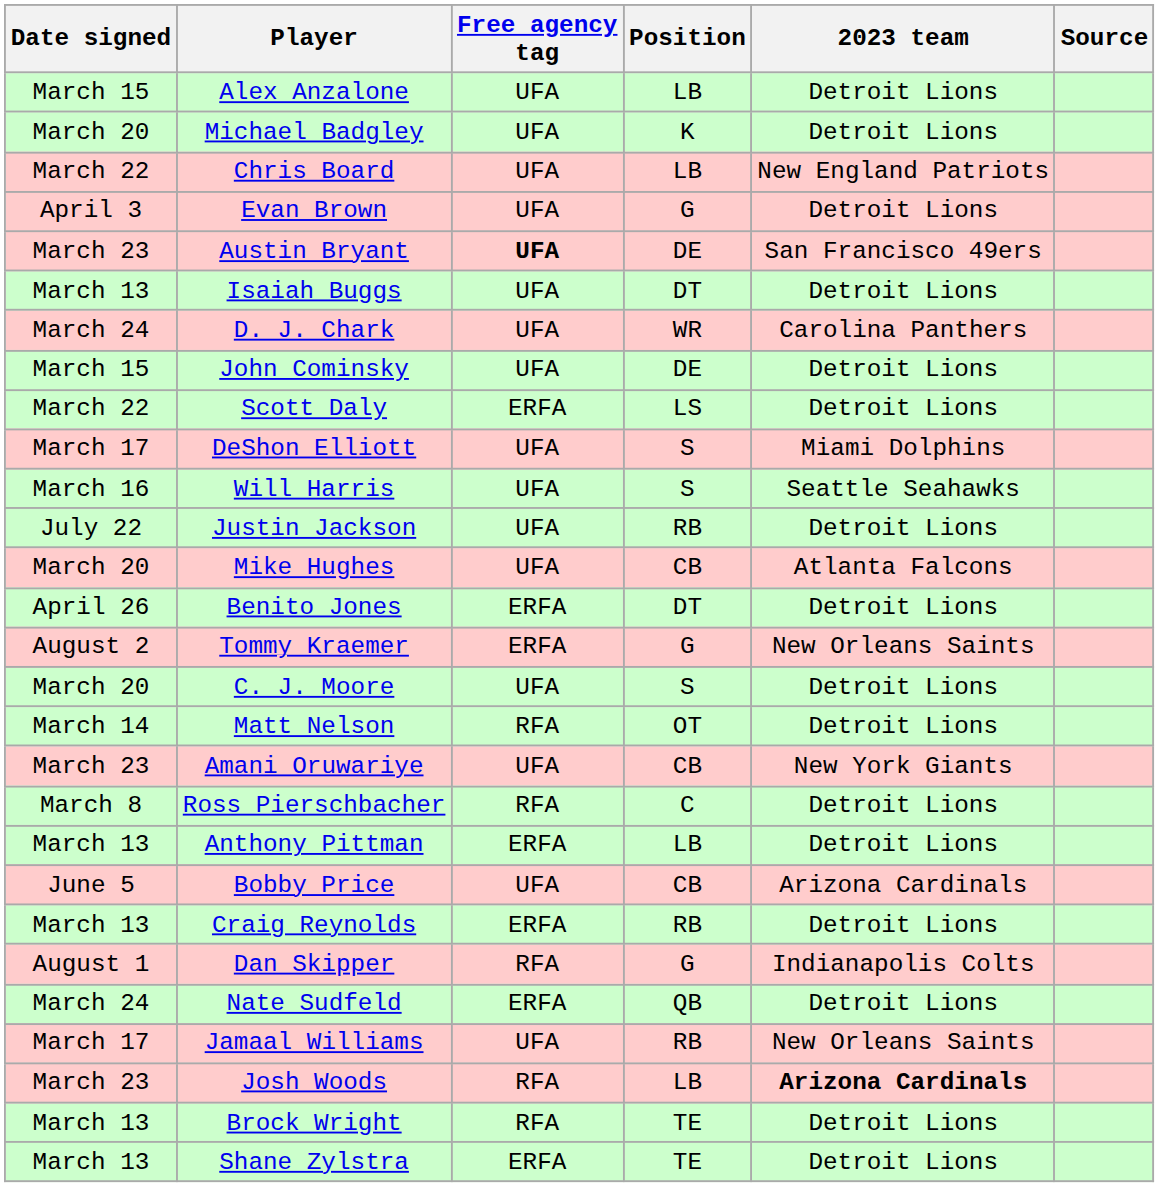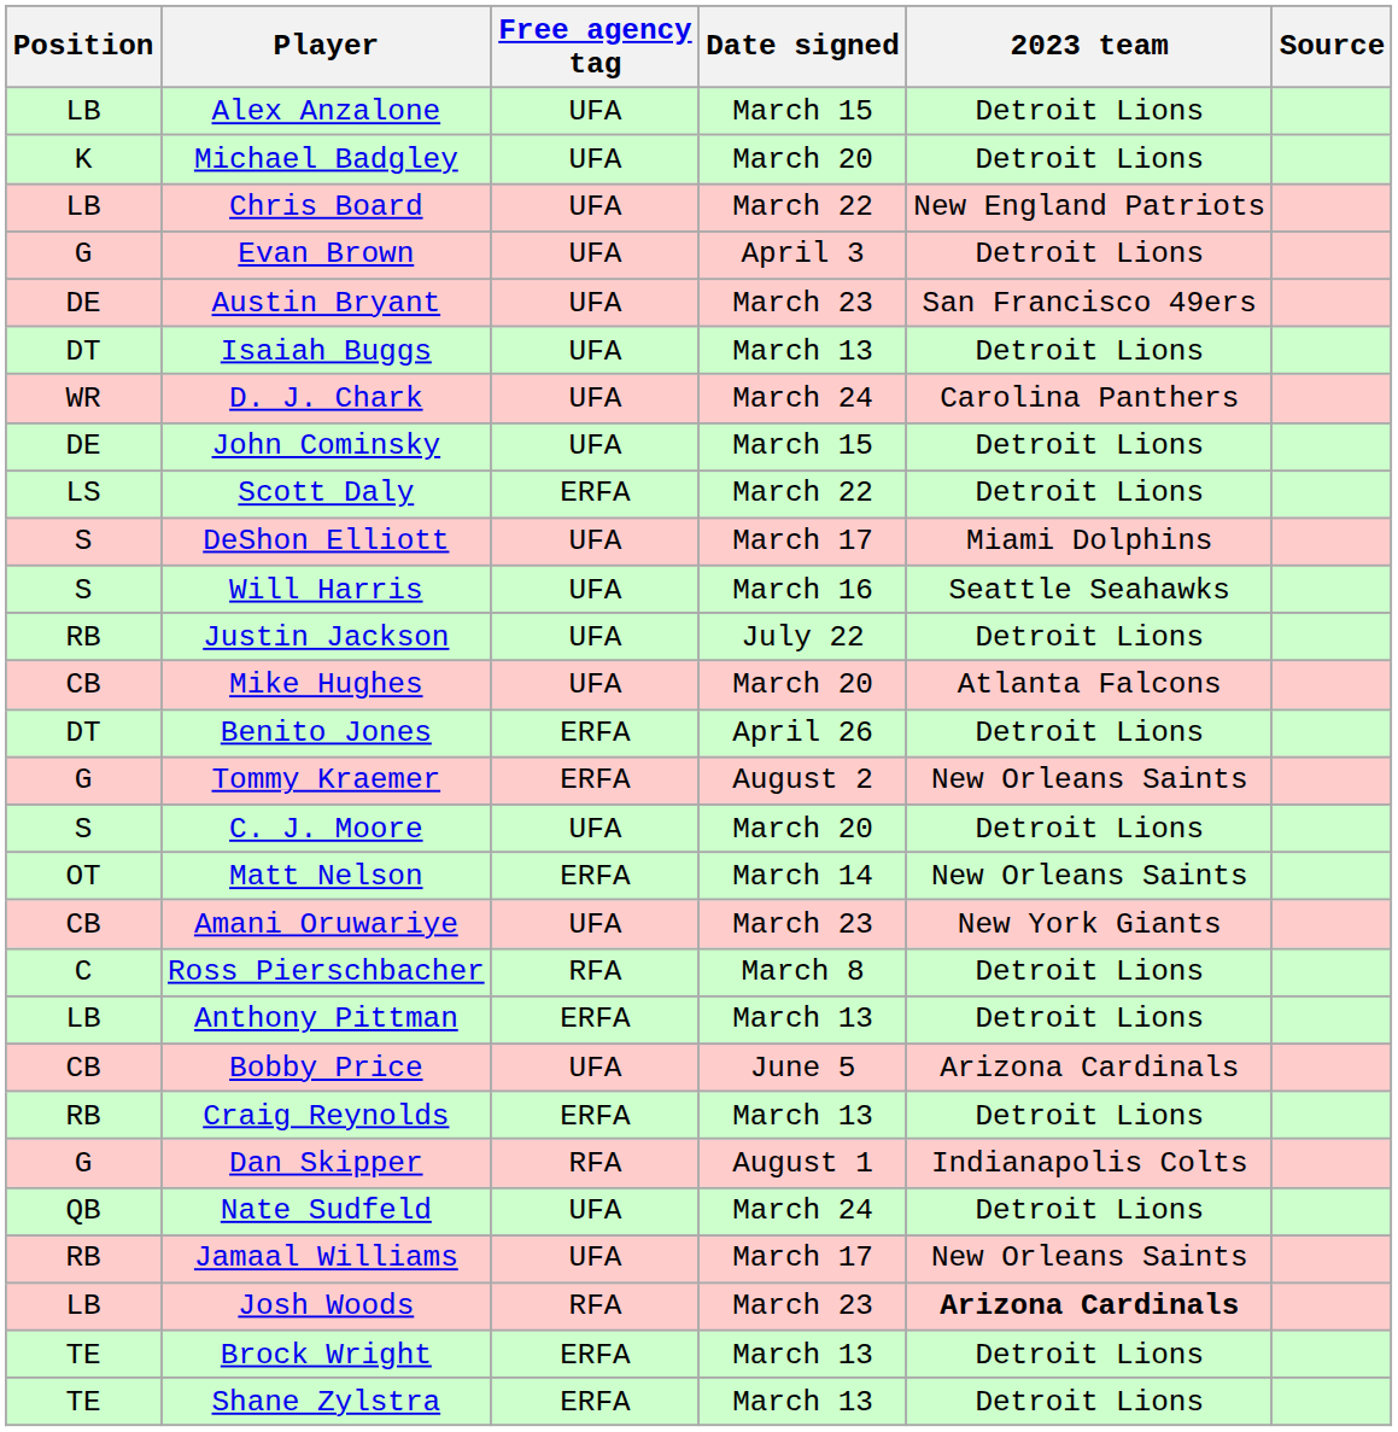 <table class="wikitable" style="text-align:center">
 <tr>
-<th>Date signed</th>
+<th>Position</th>
 <th>Player</th>
 <th><a href='#'><span>Free agency</span></a><br>tag</th>
-<th>Position</th>
+<th>Date signed</th>
 <th>2023 team</th>
 <th>Source</th>
 </tr>
 <tr bgcolor=ccffcc>
-<td>March 15</td>
+<td>LB</td>
 <td><a href='#'>Alex Anzalone</a></td>
 <td>UFA</td>
-<td>LB</td>
+<td>March 15</td>
 <td>Detroit Lions</td>
 <td></td>
 </tr>
 <tr bgcolor=ccffcc>
-<td>March 20</td>
+<td>K</td>
 <td><a href='#'>Michael Badgley</a></td>
 <td>UFA</td>
-<td>K</td>
+<td>March 20</td>
 <td>Detroit Lions</td>
 <td></td>
 </tr>
 <tr bgcolor=ffcccc>
-<td>March 22</td>
+<td>LB</td>
 <td><a href='#'>Chris Board</a></td>
 <td>UFA</td>
-<td>LB</td>
+<td>March 22</td>
 <td>New England Patriots</td>
 <td></td>
 </tr>
 <tr bgcolor=ffcccc>
-<td>April 3</td>
+<td>G</td>
 <td><a href='#'>Evan Brown</a></td>
 <td>UFA</td>
-<td>G</td>
+<td>April 3</td>
 <td>Detroit Lions</td>
 <td></td>
 </tr>
 <tr bgcolor=ffcccc>
+<td>DE</td>
+<td><a href='#'>Austin Bryant</a></td>
+<td>UFA</td>
 <td>March 23</td>
-<td><a href='#'>Austin Bryant</a></td>
-<td><strong>UFA</strong></td>
-<td>DE</td>
 <td>San Francisco 49ers</td>
 <td></td>
 </tr>
 <tr bgcolor=ccffcc>
-<td>March 13</td>
+<td>DT</td>
 <td><a href='#'>Isaiah Buggs</a></td>
 <td>UFA</td>
-<td>DT</td>
+<td>March 13</td>
 <td>Detroit Lions</td>
 <td></td>
 </tr>
 <tr bgcolor=ffcccc>
-<td>March 24</td>
+<td>WR</td>
 <td><a href='#'>D. J. Chark</a></td>
 <td>UFA</td>
-<td>WR</td>
+<td>March 24</td>
 <td>Carolina Panthers</td>
 <td></td>
 </tr>
 <tr bgcolor=ccffcc>
-<td>March 15</td>
+<td>DE</td>
 <td><a href='#'>John Cominsky</a></td>
 <td>UFA</td>
-<td>DE</td>
+<td>March 15</td>
 <td>Detroit Lions</td>
 <td></td>
 </tr>
 <tr bgcolor=ccffcc>
-<td>March 22</td>
+<td>LS</td>
 <td><a href='#'>Scott Daly</a></td>
 <td>ERFA</td>
-<td>LS</td>
+<td>March 22</td>
 <td>Detroit Lions</td>
 <td></td>
 </tr>
 <tr bgcolor=ffcccc>
-<td>March 17</td>
+<td>S</td>
 <td><a href='#'>DeShon Elliott</a></td>
 <td>UFA</td>
-<td>S</td>
+<td>March 17</td>
 <td>Miami Dolphins</td>
 <td></td>
 </tr>
 <tr bgcolor=ccffcc>
-<td>March 16</td>
+<td>S</td>
 <td><a href='#'>Will Harris</a></td>
 <td>UFA</td>
-<td>S</td>
+<td>March 16</td>
 <td>Seattle Seahawks</td>
 <td></td>
 </tr>
 <tr bgcolor=ccffcc>
-<td>July 22</td>
+<td>RB</td>
 <td><a href='#'>Justin Jackson</a></td>
 <td>UFA</td>
-<td>RB</td>
+<td>July 22</td>
 <td>Detroit Lions</td>
 <td></td>
 </tr>
 <tr bgcolor=ffcccc>
-<td>March 20</td>
+<td>CB</td>
 <td><a href='#'>Mike Hughes</a></td>
 <td>UFA</td>
-<td>CB</td>
+<td>March 20</td>
 <td>Atlanta Falcons</td>
 <td></td>
 </tr>
 <tr bgcolor=ccffcc>
-<td>April 26</td>
+<td>DT</td>
 <td><a href='#'>Benito Jones</a></td>
 <td>ERFA</td>
-<td>DT</td>
+<td>April 26</td>
 <td>Detroit Lions</td>
 <td></td>
 </tr>
 <tr bgcolor=ffcccc>
-<td>August 2</td>
+<td>G</td>
 <td><a href='#'>Tommy Kraemer</a></td>
 <td>ERFA</td>
-<td>G</td>
+<td>August 2</td>
 <td>New Orleans Saints</td>
 <td></td>
 </tr>
 <tr bgcolor=ccffcc>
-<td>March 20</td>
+<td>S</td>
 <td><a href='#'>C. J. Moore</a></td>
 <td>UFA</td>
-<td>S</td>
+<td>March 20</td>
 <td>Detroit Lions</td>
 <td></td>
 </tr>
 <tr bgcolor=ccffcc>
+<td>OT</td>
+<td><a href='#'>Matt Nelson</a></td>
+<td>ERFA</td>
 <td>March 14</td>
-<td><a href='#'>Matt Nelson</a></td>
+<td>New Orleans Saints</td>
+<td></td>
+</tr>
+<tr bgcolor=ffcccc>
+<td>CB</td>
+<td><a href='#'>Amani Oruwariye</a></td>
+<td>UFA</td>
+<td>March 23</td>
+<td>New York Giants</td>
+<td></td>
+</tr>
+<tr bgcolor=ccffcc>
+<td>C</td>
+<td><a href='#'>Ross Pierschbacher</a></td>
 <td>RFA</td>
-<td>OT</td>
+<td>March 8</td>
+<td>Detroit Lions</td>
+<td></td>
+</tr>
+<tr bgcolor=ccffcc>
+<td>LB</td>
+<td><a href='#'>Anthony Pittman</a></td>
+<td>ERFA</td>
+<td>March 13</td>
 <td>Detroit Lions</td>
 <td></td>
 </tr>
 <tr bgcolor=ffcccc>
-<td>March 23</td>
-<td><a href='#'>Amani Oruwariye</a></td>
+<td>CB</td>
+<td><a href='#'>Bobby Price</a></td>
 <td>UFA</td>
-<td>CB</td>
-<td>New York Giants</td>
+<td>June 5</td>
+<td>Arizona Cardinals</td>
 <td></td>
 </tr>
 <tr bgcolor=ccffcc>
-<td>March 8</td>
-<td><a href='#'>Ross Pierschbacher</a></td>
+<td>RB</td>
+<td><a href='#'>Craig Reynolds</a></td>
+<td>ERFA</td>
+<td>March 13</td>
+<td>Detroit Lions</td>
+<td></td>
+</tr>
+<tr bgcolor=ffcccc>
+<td>G</td>
+<td><a href='#'>Dan Skipper</a></td>
 <td>RFA</td>
-<td>C</td>
+<td>August 1</td>
+<td>Indianapolis Colts</td>
+<td></td>
+</tr>
+<tr bgcolor=ccffcc>
+<td>QB</td>
+<td><a href='#'>Nate Sudfeld</a></td>
+<td>UFA</td>
+<td>March 24</td>
+<td>Detroit Lions</td>
+<td></td>
+</tr>
+<tr bgcolor=ffcccc>
+<td>RB</td>
+<td><a href='#'>Jamaal Williams</a></td>
+<td>UFA</td>
+<td>March 17</td>
+<td>New Orleans Saints</td>
+<td></td>
+</tr>
+<tr bgcolor=ffcccc>
+<td>LB</td>
+<td><a href='#'>Josh Woods</a></td>
+<td>RFA</td>
+<td>March 23</td>
+<td><strong>Arizona Cardinals</strong></td>
+<td></td>
+</tr>
+<tr bgcolor=ccffcc>
+<td>TE</td>
+<td><a href='#'>Brock Wright</a></td>
+<td>ERFA</td>
+<td>March 13</td>
 <td>Detroit Lions</td>
 <td></td>
 </tr>
 <tr bgcolor=ccffcc>
-<td>March 13</td>
-<td><a href='#'>Anthony Pittman</a></td>
-<td>ERFA</td>
-<td>LB</td>
-<td>Detroit Lions</td>
-<td></td>
-</tr>
-<tr bgcolor=ffcccc>
-<td>June 5</td>
-<td><a href='#'>Bobby Price</a></td>
-<td>UFA</td>
-<td>CB</td>
-<td>Arizona Cardinals</td>
-<td></td>
-</tr>
-<tr bgcolor=ccffcc>
-<td>March 13</td>
-<td><a href='#'>Craig Reynolds</a></td>
-<td>ERFA</td>
-<td>RB</td>
-<td>Detroit Lions</td>
-<td></td>
-</tr>
-<tr bgcolor=ffcccc>
-<td>August 1</td>
-<td><a href='#'>Dan Skipper</a></td>
-<td>RFA</td>
-<td>G</td>
-<td>Indianapolis Colts</td>
-<td></td>
-</tr>
-<tr bgcolor=ccffcc>
-<td>March 24</td>
-<td><a href='#'>Nate Sudfeld</a></td>
-<td>ERFA</td>
-<td>QB</td>
-<td>Detroit Lions</td>
-<td></td>
-</tr>
-<tr bgcolor=ffcccc>
-<td>March 17</td>
-<td><a href='#'>Jamaal Williams</a></td>
-<td>UFA</td>
-<td>RB</td>
-<td>New Orleans Saints</td>
-<td></td>
-</tr>
-<tr bgcolor=ffcccc>
-<td>March 23</td>
-<td><a href='#'>Josh Woods</a></td>
-<td>RFA</td>
-<td>LB</td>
-<td><strong>Arizona Cardinals</strong></td>
-<td></td>
-</tr>
-<tr bgcolor=ccffcc>
-<td>March 13</td>
-<td><a href='#'>Brock Wright</a></td>
-<td>RFA</td>
 <td>TE</td>
-<td>Detroit Lions</td>
-<td></td>
-</tr>
-<tr bgcolor=ccffcc>
-<td>March 13</td>
 <td><a href='#'>Shane Zylstra</a></td>
 <td>ERFA</td>
-<td>TE</td>
+<td>March 13</td>
 <td>Detroit Lions</td>
 <td></td>
 </tr>
 </table>
